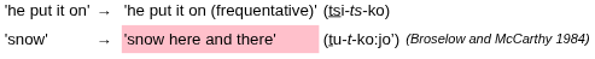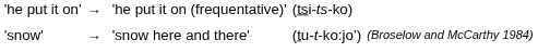 <table style="line-height: 1.4em;" cellpadding="2">
 <tr>
 <td> </td>
 <td> </td>
 <td></td>
 <td>'he put it on'</td>
 <td>→</td>
 <td></td>
 <td>'he put it on (frequentative)'</td>
 <td>(<u>ts</u>i-<em>ts</em>-ko)</td>
 </tr>
 <tr>
 <td> </td>
 <td> </td>
 <td></td>
 <td>'snow'</td>
 <td>→</td>
 <td></td>
-<td style="background: pink;">'snow here and there'</td>
+<td>'snow here and there'</td>
 <td>(<u>t</u>u-<em>t</em>-ko:jo’)</td>
 <td><small><cite>(Broselow and McCarthy 1984)</cite></small></td>
 </tr>
 </table>
